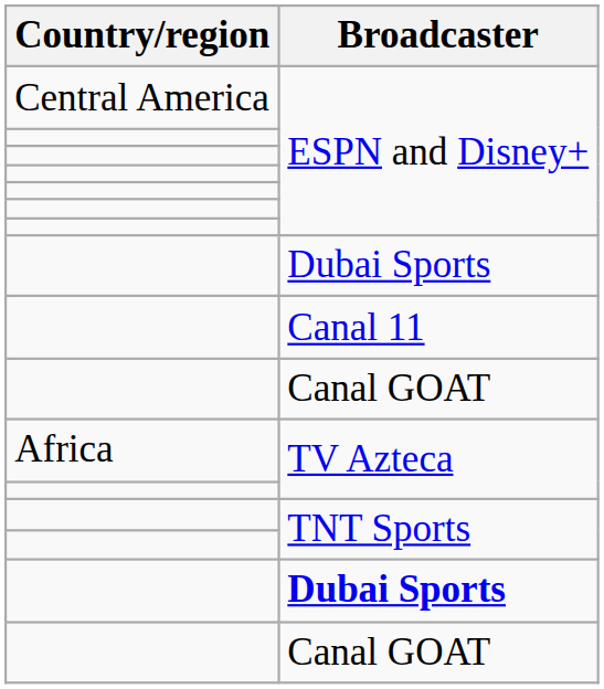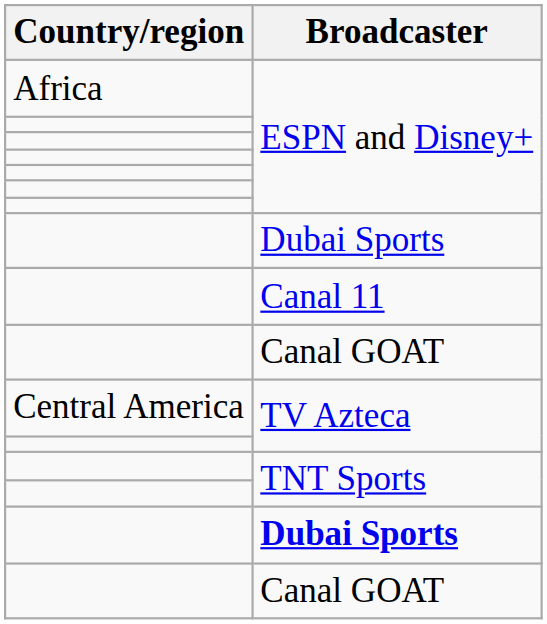 <table class="wikitable">
 <tr>
 <th>Country/region</th>
 <th>Broadcaster</th>
 </tr>
 <tr>
-<td>Central America</td>
+<td>Africa</td>
 <td rowspan="7"><a href='#'>ESPN</a> and <a href='#'>Disney+</a></td>
 </tr>
 <tr>
 <td></td>
 </tr>
 <tr>
 <td></td>
 </tr>
 <tr>
 <td></td>
 </tr>
 <tr>
 <td></td>
 </tr>
 <tr>
 <td></td>
 </tr>
 <tr>
 <td></td>
 </tr>
 <tr>
 <td></td>
 <td><a href='#'>Dubai Sports</a></td>
 </tr>
 <tr>
 <td></td>
 <td><a href='#'>Canal 11</a></td>
 </tr>
 <tr>
 <td></td>
 <td>Canal GOAT</td>
 </tr>
 <tr>
-<td>Africa</td>
+<td>Central America</td>
 <td rowspan="2"><a href='#'>TV Azteca</a></td>
 </tr>
 <tr>
 <td></td>
 </tr>
 <tr>
 <td></td>
 <td rowspan="2"><a href='#'>TNT Sports</a></td>
 </tr>
 <tr>
 <td></td>
 </tr>
 <tr>
 <td></td>
 <td><strong><a href='#'>Dubai Sports</a></strong></td>
 </tr>
 <tr>
 <td></td>
 <td>Canal GOAT</td>
 </tr>
 </table>
